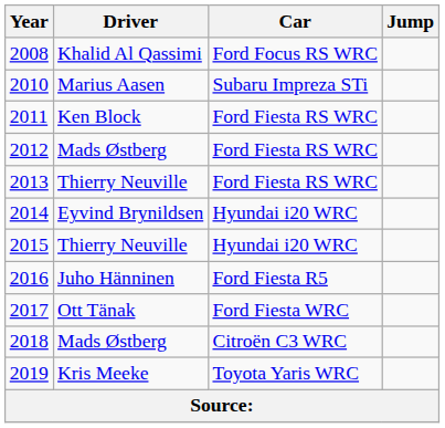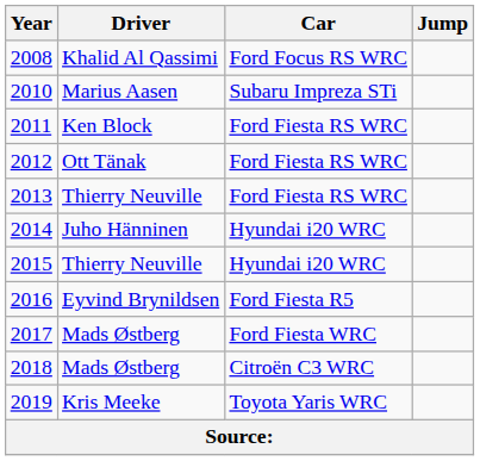 <table class="wikitable" border="1" style="text-align:left; font-size:90%;">
 <tr>
 <th>Year</th>
 <th>Driver</th>
 <th>Car</th>
 <th>Jump</th>
 </tr>
 <tr>
 <td><a href='#'>2008</a></td>
 <td> <a href='#'>Khalid Al Qassimi</a></td>
 <td><a href='#'>Ford Focus RS WRC</a></td>
 <td></td>
 </tr>
 <tr>
 <td><a href='#'>2010</a></td>
 <td> <a href='#'>Marius Aasen</a></td>
 <td><a href='#'>Subaru Impreza STi</a></td>
 <td></td>
 </tr>
 <tr>
 <td><a href='#'>2011</a></td>
 <td> <a href='#'>Ken Block</a></td>
 <td><a href='#'>Ford Fiesta RS WRC</a></td>
 <td></td>
 </tr>
 <tr>
 <td><a href='#'>2012</a></td>
-<td> <a href='#'>Mads Østberg</a></td>
+<td> <a href='#'>Ott Tänak</a></td>
 <td><a href='#'>Ford Fiesta RS WRC</a></td>
 <td></td>
 </tr>
 <tr>
 <td><a href='#'>2013</a></td>
 <td> <a href='#'>Thierry Neuville</a></td>
 <td><a href='#'>Ford Fiesta RS WRC</a></td>
 <td></td>
 </tr>
 <tr>
 <td><a href='#'>2014</a></td>
-<td> <a href='#'>Eyvind Brynildsen</a></td>
+<td> <a href='#'>Juho Hänninen</a></td>
 <td><a href='#'>Hyundai i20 WRC</a></td>
 <td></td>
 </tr>
 <tr>
 <td><a href='#'>2015</a></td>
 <td> <a href='#'>Thierry Neuville</a></td>
 <td><a href='#'>Hyundai i20 WRC</a></td>
 <td></td>
 </tr>
 <tr>
 <td><a href='#'>2016</a></td>
-<td> <a href='#'>Juho Hänninen</a></td>
+<td> <a href='#'>Eyvind Brynildsen</a></td>
 <td><a href='#'>Ford Fiesta R5</a></td>
 <td></td>
 </tr>
 <tr>
 <td><a href='#'>2017</a></td>
-<td> <a href='#'>Ott Tänak</a></td>
+<td> <a href='#'>Mads Østberg</a></td>
 <td><a href='#'>Ford Fiesta WRC</a></td>
 <td></td>
 </tr>
 <tr>
 <td><a href='#'>2018</a></td>
 <td> <a href='#'>Mads Østberg</a></td>
 <td><a href='#'>Citroën C3 WRC</a></td>
 <td></td>
 </tr>
 <tr>
 <td><a href='#'>2019</a></td>
 <td> <a href='#'>Kris Meeke</a></td>
 <td><a href='#'>Toyota Yaris WRC</a></td>
 <td></td>
 </tr>
 <tr>
 <th colspan="4">Source:</th>
 </tr>
 <tr>
 </tr>
 </table>
